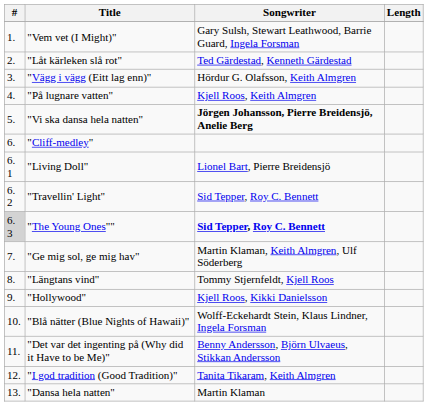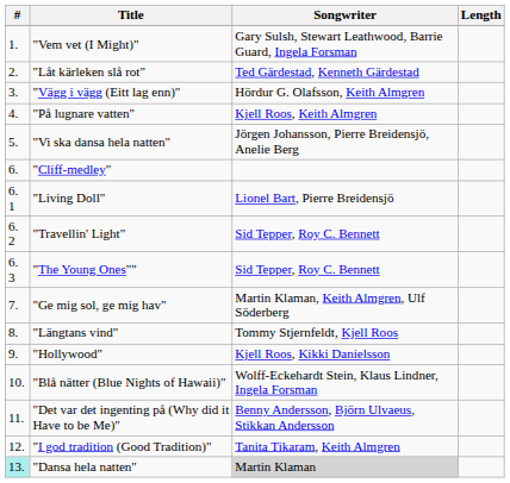 <table class="wikitable">
 <tr>
 <th>#</th>
 <th>Title</th>
 <th>Songwriter</th>
 <th>Length</th>
 </tr>
 <tr bgcolor="#ebf5ff">
 </tr>
 <tr>
 <td>1.</td>
 <td>"Vem vet (I Might)"</td>
 <td>Gary Sulsh, Stewart Leathwood, Barrie Guard, <a href='#'>Ingela Forsman</a></td>
 <td></td>
 </tr>
 <tr>
 <td>2.</td>
 <td>"Låt kärleken slå rot"</td>
 <td><a href='#'>Ted Gärdestad</a>, <a href='#'>Kenneth Gärdestad</a></td>
 <td></td>
 </tr>
 <tr>
 <td>3.</td>
 <td>"<a href='#'>Vägg i vägg</a> (Eitt lag enn)"</td>
 <td>Hördur G. Olafsson, <a href='#'>Keith Almgren</a></td>
 <td></td>
 </tr>
 <tr>
 <td>4.</td>
 <td>"På lugnare vatten"</td>
 <td><a href='#'>Kjell Roos</a>, <a href='#'>Keith Almgren</a></td>
 <td></td>
 </tr>
 <tr>
 <td>5.</td>
 <td>"Vi ska dansa hela natten"</td>
-<td><strong>Jörgen Johansson, Pierre Breidensjö, Anelie Berg</strong></td>
+<td>Jörgen Johansson, Pierre Breidensjö, Anelie Berg</td>
 <td></td>
 </tr>
 <tr>
 <td>6.</td>
 <td>"<a href='#'>Cliff-medley</a>"</td>
 <td></td>
 <td></td>
 </tr>
 <tr>
 <td>6. 1</td>
 <td>"Living Doll"</td>
 <td><a href='#'>Lionel Bart</a>, Pierre Breidensjö</td>
 <td></td>
 </tr>
 <tr>
 <td>6. 2</td>
 <td>"Travellin' Light"</td>
 <td><a href='#'>Sid Tepper</a>, <a href='#'>Roy C. Bennett</a></td>
 <td></td>
 </tr>
 <tr>
-<td style="background: lightgrey;">6. 3</td>
+<td>6. 3</td>
 <td>"<a href='#'>The Young Ones</a>""</td>
-<td><strong><a href='#'>Sid Tepper</a>, <a href='#'>Roy C. Bennett</a></strong></td>
+<td><a href='#'>Sid Tepper</a>, <a href='#'>Roy C. Bennett</a></td>
 <td></td>
 </tr>
 <tr>
 <td>7.</td>
 <td>"Ge mig sol, ge mig hav"</td>
 <td>Martin Klaman, <a href='#'>Keith Almgren</a>, Ulf Söderberg</td>
 <td></td>
 </tr>
 <tr>
 <td>8.</td>
 <td>"Längtans vind"</td>
 <td>Tommy Stjernfeldt, <a href='#'>Kjell Roos</a></td>
 <td></td>
 </tr>
 <tr>
 <td>9.</td>
 <td>"Hollywood"</td>
 <td><a href='#'>Kjell Roos</a>, <a href='#'>Kikki Danielsson</a></td>
 <td></td>
 </tr>
 <tr>
 <td>10.</td>
 <td>"Blå nätter (Blue Nights of Hawaii)"</td>
 <td>Wolff-Eckehardt Stein, Klaus Lindner, <a href='#'>Ingela Forsman</a></td>
 <td></td>
 </tr>
 <tr>
 <td>11.</td>
 <td>"Det var det ingenting på (Why did it Have to be Me)"</td>
 <td><a href='#'>Benny Andersson</a>, <a href='#'>Björn Ulvaeus</a>, <a href='#'>Stikkan Andersson</a></td>
 <td></td>
 </tr>
 <tr>
 <td>12.</td>
 <td>"<a href='#'>I god tradition</a> (Good Tradition)"</td>
 <td><a href='#'>Tanita Tikaram</a>, <a href='#'>Keith Almgren</a></td>
 <td></td>
 </tr>
 <tr>
-<td>13.</td>
+<td style="background: paleturquoise;">13.</td>
 <td>"Dansa hela natten"</td>
-<td>Martin Klaman</td>
+<td style="background: lightgrey;">Martin Klaman</td>
 <td></td>
 </tr>
 </table>
